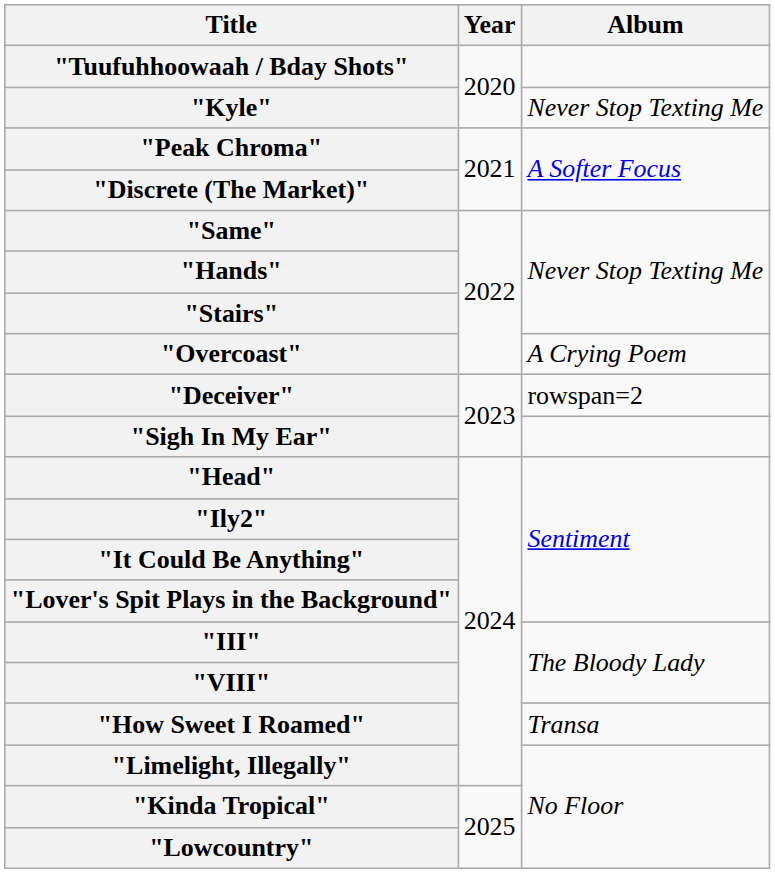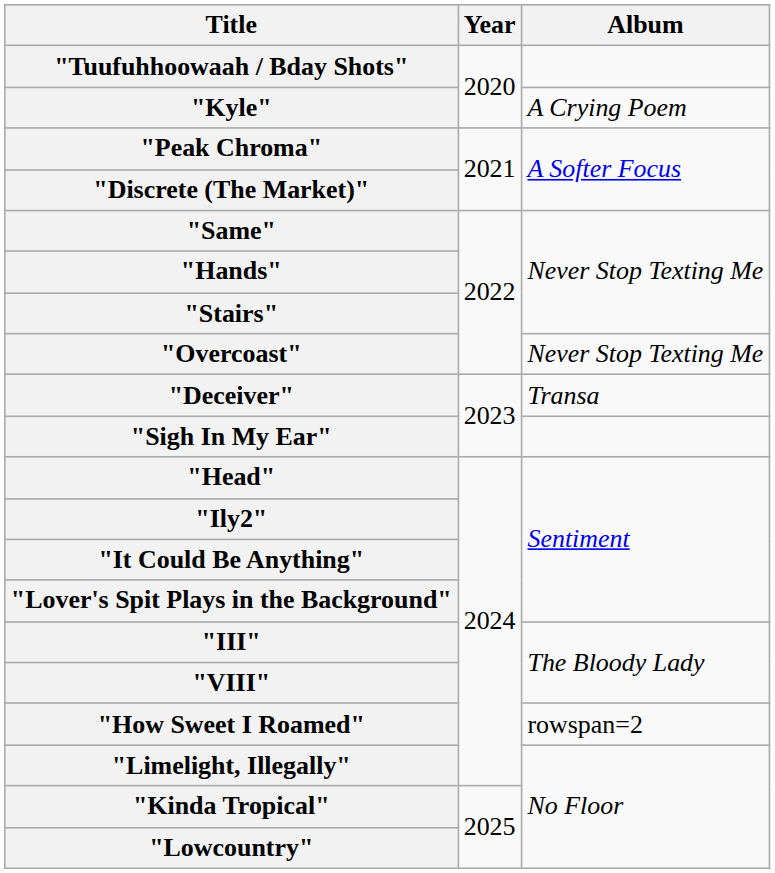 <table class="wikitable plainrowheaders">
 <tr>
 <th>Title</th>
 <th>Year</th>
 <th>Album</th>
 </tr>
 <tr>
 <th scope=row>"Tuufuhhoowaah / Bday Shots"</th>
 <td rowspan=2>2020</td>
 <td></td>
 </tr>
 <tr>
 <th scope=row>"Kyle"<br></th>
-<td><em>Never Stop Texting Me</em></td>
+<td><em>A Crying Poem</em></td>
 </tr>
 <tr>
 <th scope=row>"Peak Chroma"</th>
 <td rowspan=2>2021</td>
 <td rowspan=2><em><a href='#'>A Softer Focus</a></em></td>
 </tr>
 <tr>
 <th scope=row>"Discrete (The Market)"</th>
 </tr>
 <tr>
 <th scope=row>"Same"<br></th>
 <td rowspan=4>2022</td>
 <td rowspan=3><em>Never Stop Texting Me</em></td>
 </tr>
 <tr>
 <th scope=row>"Hands"<br></th>
 </tr>
 <tr>
 <th scope=row>"Stairs"<br></th>
 </tr>
 <tr>
 <th scope=row>"Overcoast"<br></th>
-<td><em>A Crying Poem</em></td>
+<td><em>Never Stop Texting Me</em></td>
 </tr>
 <tr>
 <th scope=row>"Deceiver"<br></th>
 <td rowspan=2>2023</td>
-<td>rowspan=2 </td>
+<td><em>Transa</em></td>
 </tr>
 <tr>
 <th scope=row>"Sigh In My Ear"</th>
 </tr>
 <tr>
 <th scope=row>"Head"</th>
 <td rowspan=8>2024</td>
 <td rowspan=4><a href='#'><em>Sentiment</em></a></td>
 </tr>
 <tr>
 <th scope=row>"Ily2"<br></th>
 </tr>
 <tr>
 <th scope=row>"It Could Be Anything"</th>
 </tr>
 <tr>
 <th scope=row>"Lover's Spit Plays in the Background"</th>
 </tr>
 <tr>
 <th scope=row>"III"</th>
 <td rowspan=2><em>The Bloody Lady</em></td>
 </tr>
 <tr>
 <th scope=row>"VIII"</th>
 </tr>
 <tr>
 <th scope=row>"How Sweet I Roamed"<br></th>
-<td><em>Transa</em></td>
+<td>rowspan=2 </td>
 </tr>
 <tr>
 <th scope=row>"Limelight, Illegally"<br></th>
 <td rowspan=3><em>No Floor</em></td>
 </tr>
 <tr>
 <th scope=row>"Kinda Tropical"<br></th>
 <td rowspan=2>2025</td>
 </tr>
 <tr>
 <th scope=row>"Lowcountry"<br></th>
 </tr>
 </table>
